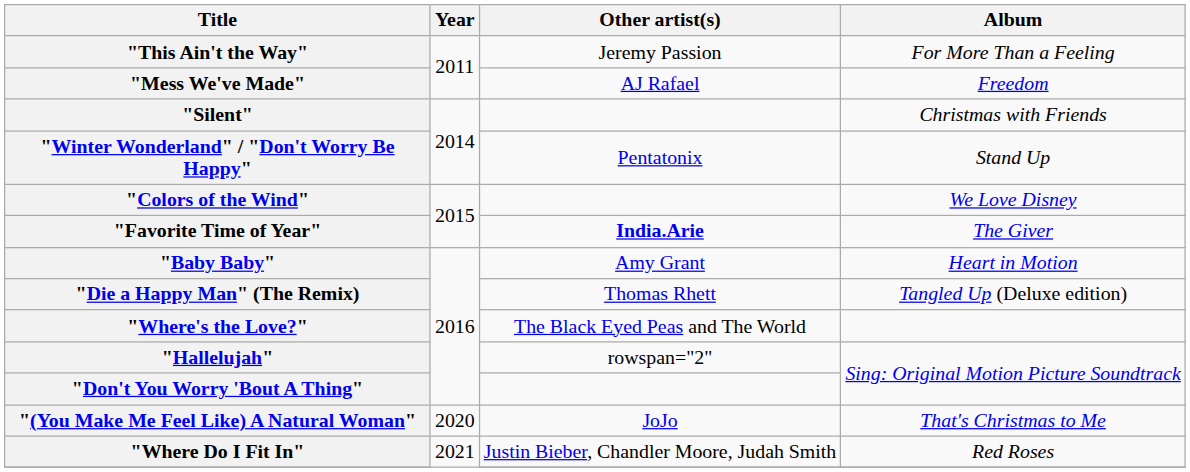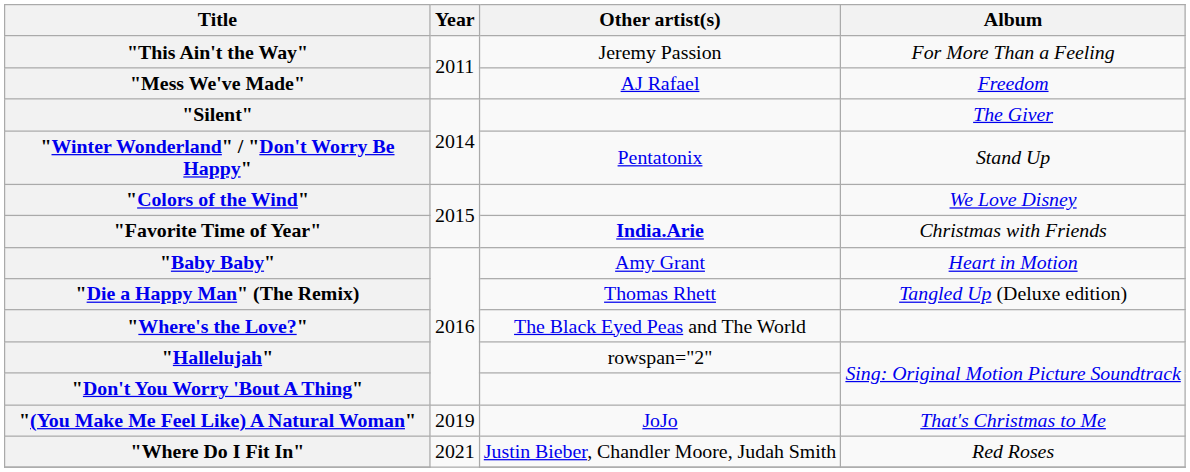 <table class="wikitable plainrowheaders" style="text-align:center;">
 <tr>
 <th scope="col" style="width:21em;">Title</th>
 <th scope="col">Year</th>
 <th scope="col">Other artist(s)</th>
 <th scope="col">Album</th>
 </tr>
 <tr>
 <th scope="row">"This Ain't the Way"</th>
 <td rowspan="2">2011</td>
 <td>Jeremy Passion</td>
 <td><em>For More Than a Feeling</em></td>
 </tr>
 <tr>
 <th scope="row">"Mess We've Made"</th>
 <td><a href='#'>AJ Rafael</a></td>
 <td><em><a href='#'>Freedom</a></em></td>
 </tr>
 <tr>
 <th scope="row">"Silent"</th>
 <td rowspan="2">2014</td>
 <td></td>
-<td><em>Christmas with Friends</em></td>
+<td><em><a href='#'>The Giver</a></em></td>
 </tr>
 <tr>
 <th scope="row">"<a href='#'>Winter Wonderland</a>" / "<a href='#'>Don't Worry Be Happy</a>"</th>
 <td><a href='#'>Pentatonix</a></td>
 <td><em>Stand Up</em></td>
 </tr>
 <tr>
 <th scope="row">"<a href='#'>Colors of the Wind</a>"</th>
 <td rowspan="2">2015</td>
 <td></td>
 <td><em><a href='#'>We Love Disney</a></em></td>
 </tr>
 <tr>
 <th scope="row">"Favorite Time of Year"</th>
 <td><strong><a href='#'>India.Arie</a></strong></td>
-<td><em><a href='#'>The Giver</a></em></td>
+<td><em>Christmas with Friends</em></td>
 </tr>
 <tr>
 <th scope="row">"<a href='#'>Baby Baby</a>"</th>
 <td rowspan="5">2016</td>
 <td><a href='#'>Amy Grant</a></td>
 <td><em><a href='#'>Heart in Motion</a></em></td>
 </tr>
 <tr>
 <th scope="row">"<a href='#'>Die a Happy Man</a>" (The Remix)</th>
 <td><a href='#'>Thomas Rhett</a></td>
 <td><em><a href='#'>Tangled Up</a></em> (Deluxe edition)</td>
 </tr>
 <tr>
 <th scope="row">"<a href='#'>Where's the Love?</a>"</th>
 <td><a href='#'>The Black Eyed Peas</a> and The World</td>
 <td></td>
 </tr>
 <tr>
 <th scope="row">"<a href='#'>Hallelujah</a>"</th>
 <td>rowspan="2" </td>
 <td rowspan="2"><em><a href='#'>Sing: Original Motion Picture Soundtrack</a></em></td>
 </tr>
 <tr>
 <th scope="row">"<a href='#'>Don't You Worry 'Bout A Thing</a>"</th>
 </tr>
 <tr>
 <th scope="row">"<a href='#'>(You Make Me Feel Like) A Natural Woman</a>"</th>
-<td rowspan="1">2020</td>
+<td rowspan="1">2019</td>
 <td><a href='#'>JoJo</a></td>
 <td><em><a href='#'>That's Christmas to Me</a></em></td>
 </tr>
 <tr>
 <th scope="row">"Where Do I Fit In"</th>
 <td rowspan="2">2021</td>
 <td><a href='#'>Justin Bieber</a>, Chandler Moore, Judah Smith</td>
 <td><em>Red Roses</em></td>
 </tr>
 <tr>
 </tr>
 </table>
